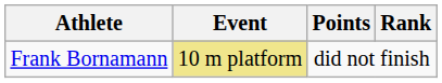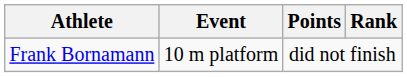 <table class=wikitable style="font-size:90%">
 <tr>
 <th>Athlete</th>
 <th>Event</th>
 <th>Points</th>
 <th>Rank</th>
 </tr>
 <tr>
 <td><a href='#'>Frank Bornamann</a></td>
-<td style="background: khaki;">10 m platform</td>
+<td>10 m platform</td>
 <td align="center" colspan=2>did not finish</td>
 </tr>
 </table>
